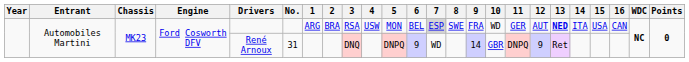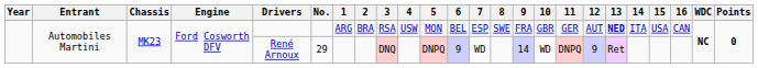 <table class="wikitable" style="text-align:center; font-size:85%">
 <tr>
 <th>Year</th>
 <th>Entrant</th>
 <th>Chassis</th>
 <th>Engine</th>
 <th>Drivers</th>
 <th>No.</th>
 <th>1</th>
 <th>2</th>
 <th>3</th>
 <th>4</th>
 <th>5</th>
 <th>6</th>
 <th>7</th>
 <th>8</th>
 <th>9</th>
 <th>10</th>
 <th>11</th>
 <th>12</th>
 <th>13</th>
 <th>14</th>
 <th>15</th>
 <th>16</th>
 <th>WDC</th>
 <th>Points</th>
 </tr>
 <tr>
 <td rowspan="2"></td>
 <td rowspan="2">Automobiles Martini</td>
 <td rowspan="2"><a href='#'>MK23</a></td>
 <td rowspan="2"><a href='#'>Ford</a> <a href='#'>Cosworth DFV</a></td>
 <td></td>
 <td></td>
 <td><a href='#'>ARG</a></td>
 <td><a href='#'>BRA</a></td>
 <td><a href='#'>RSA</a></td>
 <td><a href='#'>USW</a></td>
 <td><a href='#'>MON</a></td>
 <td><a href='#'>BEL</a></td>
-<td style="background: lightgrey;"><a href='#'>ESP</a></td>
+<td><a href='#'>ESP</a></td>
 <td><a href='#'>SWE</a></td>
 <td><a href='#'>FRA</a></td>
-<td>WD</td>
+<td><a href='#'>GBR</a></td>
 <td><a href='#'>GER</a></td>
 <td><a href='#'>AUT</a></td>
 <td><strong><a href='#'>NED</a></strong></td>
 <td><a href='#'>ITA</a></td>
 <td><a href='#'>USA</a></td>
 <td><a href='#'>CAN</a></td>
 <td rowspan="2"><strong>NC</strong></td>
 <td rowspan="2"><strong>0</strong></td>
 </tr>
 <tr>
 <td> <a href='#'>René Arnoux</a></td>
-<td>31</td>
+<td>29</td>
 <td></td>
 <td></td>
 <td style="background:#ffcfcf;">DNQ</td>
 <td></td>
 <td style="background:#ffcfcf;">DNPQ</td>
 <td style="background:#CFCFFF;">9</td>
 <td>WD</td>
 <td></td>
 <td style="background:#CFCFFF;">14</td>
-<td><a href='#'>GBR</a></td>
+<td>WD</td>
 <td style="background:#ffcfcf;">DNPQ</td>
 <td style="background:#CFCFFF;">9</td>
 <td style="background:#EFCFFF;">Ret</td>
 <td></td>
 <td></td>
 <td></td>
 </tr>
 </table>
